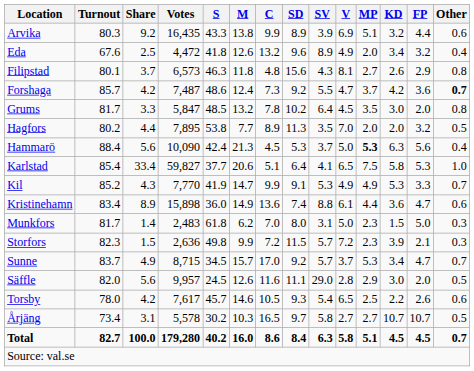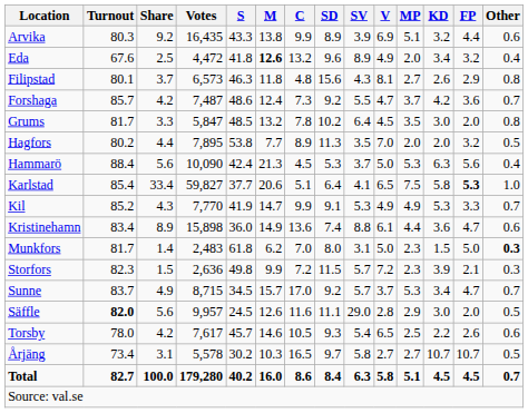 <table class="wikitable sortable" style=text-align:right>
 <tr>
 <th>Location</th>
 <th>Turnout</th>
 <th>Share</th>
 <th>Votes</th>
 <th><a href='#'>S</a></th>
 <th><a href='#'>M</a></th>
 <th><a href='#'>C</a></th>
 <th><a href='#'>SD</a></th>
 <th><a href='#'>SV</a></th>
 <th><a href='#'>V</a></th>
 <th><a href='#'>MP</a></th>
 <th><a href='#'>KD</a></th>
 <th><a href='#'>FP</a></th>
 <th>Other</th>
 </tr>
 <tr>
 <td align=left><a href='#'>Arvika</a></td>
 <td>80.3</td>
 <td>9.2</td>
 <td>16,435</td>
 <td>43.3</td>
 <td>13.8</td>
 <td>9.9</td>
 <td>8.9</td>
 <td>3.9</td>
 <td>6.9</td>
 <td>5.1</td>
 <td>3.2</td>
 <td>4.4</td>
 <td>0.6</td>
 </tr>
 <tr>
 <td align=left><a href='#'>Eda</a></td>
 <td>67.6</td>
 <td>2.5</td>
 <td>4,472</td>
 <td>41.8</td>
-<td>12.6</td>
+<td><strong>12.6</strong></td>
 <td>13.2</td>
 <td>9.6</td>
 <td>8.9</td>
 <td>4.9</td>
 <td>2.0</td>
 <td>3.4</td>
 <td>3.2</td>
 <td>0.4</td>
 </tr>
 <tr>
 <td align=left><a href='#'>Filipstad</a></td>
 <td>80.1</td>
 <td>3.7</td>
 <td>6,573</td>
 <td>46.3</td>
 <td>11.8</td>
 <td>4.8</td>
 <td>15.6</td>
 <td>4.3</td>
 <td>8.1</td>
 <td>2.7</td>
 <td>2.6</td>
 <td>2.9</td>
 <td>0.8</td>
 </tr>
 <tr>
 <td align=left><a href='#'>Forshaga</a></td>
 <td>85.7</td>
 <td>4.2</td>
 <td>7,487</td>
 <td>48.6</td>
 <td>12.4</td>
 <td>7.3</td>
 <td>9.2</td>
 <td>5.5</td>
 <td>4.7</td>
 <td>3.7</td>
 <td>4.2</td>
 <td>3.6</td>
-<td><strong>0.7</strong></td>
+<td>0.7</td>
 </tr>
 <tr>
 <td align=left><a href='#'>Grums</a></td>
 <td>81.7</td>
 <td>3.3</td>
 <td>5,847</td>
 <td>48.5</td>
 <td>13.2</td>
 <td>7.8</td>
 <td>10.2</td>
 <td>6.4</td>
 <td>4.5</td>
 <td>3.5</td>
 <td>3.0</td>
 <td>2.0</td>
 <td>0.8</td>
 </tr>
 <tr>
 <td align=left><a href='#'>Hagfors</a></td>
 <td>80.2</td>
 <td>4.4</td>
 <td>7,895</td>
 <td>53.8</td>
 <td>7.7</td>
 <td>8.9</td>
 <td>11.3</td>
 <td>3.5</td>
 <td>7.0</td>
 <td>2.0</td>
 <td>2.0</td>
 <td>3.2</td>
 <td>0.5</td>
 </tr>
 <tr>
 <td align=left><a href='#'>Hammarö</a></td>
 <td>88.4</td>
 <td>5.6</td>
 <td>10,090</td>
 <td>42.4</td>
 <td>21.3</td>
 <td>4.5</td>
 <td>5.3</td>
 <td>3.7</td>
 <td>5.0</td>
-<td><strong>5.3</strong></td>
+<td>5.3</td>
 <td>6.3</td>
 <td>5.6</td>
 <td>0.4</td>
 </tr>
 <tr>
 <td align=left><a href='#'>Karlstad</a></td>
 <td>85.4</td>
 <td>33.4</td>
 <td>59,827</td>
 <td>37.7</td>
 <td>20.6</td>
 <td>5.1</td>
 <td>6.4</td>
 <td>4.1</td>
 <td>6.5</td>
 <td>7.5</td>
 <td>5.8</td>
-<td>5.3</td>
+<td><strong>5.3</strong></td>
 <td>1.0</td>
 </tr>
 <tr>
 <td align=left><a href='#'>Kil</a></td>
 <td>85.2</td>
 <td>4.3</td>
 <td>7,770</td>
 <td>41.9</td>
 <td>14.7</td>
 <td>9.9</td>
 <td>9.1</td>
 <td>5.3</td>
 <td>4.9</td>
 <td>4.9</td>
 <td>5.3</td>
 <td>3.3</td>
 <td>0.7</td>
 </tr>
 <tr>
 <td align=left><a href='#'>Kristinehamn</a></td>
 <td>83.4</td>
 <td>8.9</td>
 <td>15,898</td>
 <td>36.0</td>
 <td>14.9</td>
 <td>13.6</td>
 <td>7.4</td>
 <td>8.8</td>
 <td>6.1</td>
 <td>4.4</td>
 <td>3.6</td>
 <td>4.7</td>
 <td>0.6</td>
 </tr>
 <tr>
 <td align=left><a href='#'>Munkfors</a></td>
 <td>81.7</td>
 <td>1.4</td>
 <td>2,483</td>
 <td>61.8</td>
 <td>6.2</td>
 <td>7.0</td>
 <td>8.0</td>
 <td>3.1</td>
 <td>5.0</td>
 <td>2.3</td>
 <td>1.5</td>
 <td>5.0</td>
-<td>0.3</td>
+<td><strong>0.3</strong></td>
 </tr>
 <tr>
 <td align=left><a href='#'>Storfors</a></td>
 <td>82.3</td>
 <td>1.5</td>
 <td>2,636</td>
 <td>49.8</td>
 <td>9.9</td>
 <td>7.2</td>
 <td>11.5</td>
 <td>5.7</td>
 <td>7.2</td>
 <td>2.3</td>
 <td>3.9</td>
 <td>2.1</td>
 <td>0.3</td>
 </tr>
 <tr>
 <td align=left><a href='#'>Sunne</a></td>
 <td>83.7</td>
 <td>4.9</td>
 <td>8,715</td>
 <td>34.5</td>
 <td>15.7</td>
 <td>17.0</td>
 <td>9.2</td>
 <td>5.7</td>
 <td>3.7</td>
 <td>5.3</td>
 <td>3.4</td>
 <td>4.7</td>
 <td>0.7</td>
 </tr>
 <tr>
 <td align=left><a href='#'>Säffle</a></td>
-<td>82.0</td>
+<td><strong>82.0</strong></td>
 <td>5.6</td>
 <td>9,957</td>
 <td>24.5</td>
 <td>12.6</td>
 <td>11.6</td>
 <td>11.1</td>
 <td>29.0</td>
 <td>2.8</td>
 <td>2.9</td>
 <td>3.0</td>
 <td>2.0</td>
 <td>0.5</td>
 </tr>
 <tr>
 <td align=left><a href='#'>Torsby</a></td>
 <td>78.0</td>
 <td>4.2</td>
 <td>7,617</td>
 <td>45.7</td>
 <td>14.6</td>
 <td>10.5</td>
 <td>9.3</td>
 <td>5.4</td>
 <td>6.5</td>
 <td>2.5</td>
 <td>2.2</td>
 <td>2.6</td>
 <td>0.6</td>
 </tr>
 <tr>
 <td align=left><a href='#'>Årjäng</a></td>
 <td>73.4</td>
 <td>3.1</td>
 <td>5,578</td>
 <td>30.2</td>
 <td>10.3</td>
 <td>16.5</td>
 <td>9.7</td>
 <td>5.8</td>
 <td>2.7</td>
 <td>2.7</td>
 <td>10.7</td>
 <td>10.7</td>
 <td>0.5</td>
 </tr>
 <tr>
 <td align=left><strong>Total</strong></td>
 <td><strong>82.7</strong></td>
 <td><strong>100.0</strong></td>
 <td><strong>179,280</strong></td>
 <td><strong>40.2</strong></td>
 <td><strong>16.0</strong></td>
 <td><strong>8.6</strong></td>
 <td><strong>8.4</strong></td>
 <td><strong>6.3</strong></td>
 <td><strong>5.8</strong></td>
 <td><strong>5.1</strong></td>
 <td><strong>4.5</strong></td>
 <td><strong>4.5</strong></td>
 <td><strong>0.7</strong></td>
 </tr>
 <tr>
 <td align=left colspan=14>Source: val.se</td>
 </tr>
 </table>
